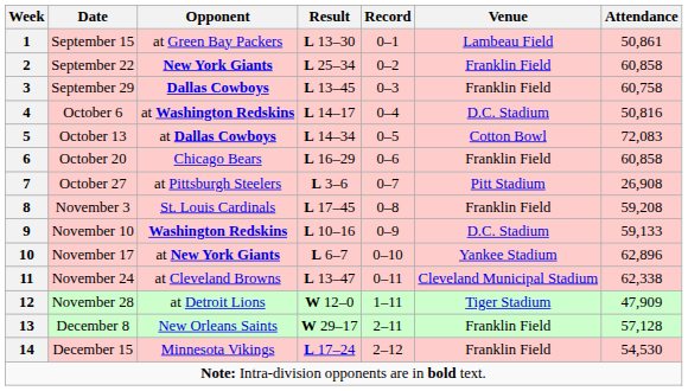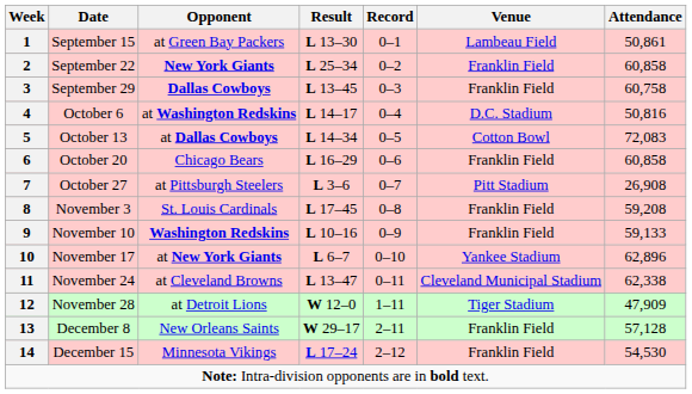 <table class="wikitable" style="text-align:center">
 <tr>
 <th>Week</th>
 <th>Date</th>
 <th>Opponent</th>
 <th>Result</th>
 <th>Record</th>
 <th>Venue</th>
 <th>Attendance</th>
 </tr>
 <tr style="background:#fcc">
 <th>1</th>
 <td>September 15</td>
 <td>at <a href='#'>Green Bay Packers</a></td>
 <td><strong>L</strong> 13–30</td>
 <td>0–1</td>
 <td><a href='#'>Lambeau Field</a></td>
 <td>50,861</td>
 </tr>
 <tr style="background:#fcc">
 <th>2</th>
 <td>September 22</td>
 <td><strong><a href='#'>New York Giants</a></strong></td>
 <td><strong>L</strong> 25–34</td>
 <td>0–2</td>
 <td><a href='#'>Franklin Field</a></td>
 <td>60,858</td>
 </tr>
 <tr style="background:#fcc">
 <th>3</th>
 <td>September 29</td>
 <td><strong><a href='#'>Dallas Cowboys</a></strong></td>
 <td><strong>L</strong> 13–45</td>
 <td>0–3</td>
 <td>Franklin Field</td>
 <td>60,758</td>
 </tr>
 <tr style="background:#fcc">
 <th>4</th>
 <td>October 6</td>
 <td>at <strong><a href='#'>Washington Redskins</a></strong></td>
 <td><strong>L</strong> 14–17</td>
 <td>0–4</td>
 <td><a href='#'>D.C. Stadium</a></td>
 <td>50,816</td>
 </tr>
 <tr style="background:#fcc">
 <th>5</th>
 <td>October 13</td>
 <td>at <strong><a href='#'>Dallas Cowboys</a></strong></td>
 <td><strong>L</strong> 14–34</td>
 <td>0–5</td>
 <td><a href='#'>Cotton Bowl</a></td>
 <td>72,083</td>
 </tr>
 <tr style="background:#fcc">
 <th>6</th>
 <td>October 20</td>
 <td><a href='#'>Chicago Bears</a></td>
 <td><strong>L</strong> 16–29</td>
 <td>0–6</td>
 <td>Franklin Field</td>
 <td>60,858</td>
 </tr>
 <tr style="background:#fcc">
 <th>7</th>
 <td>October 27</td>
 <td>at <a href='#'>Pittsburgh Steelers</a></td>
 <td><strong>L</strong> 3–6</td>
 <td>0–7</td>
 <td><a href='#'>Pitt Stadium</a></td>
 <td>26,908</td>
 </tr>
 <tr style="background:#fcc">
 <th>8</th>
 <td>November 3</td>
 <td><a href='#'>St. Louis Cardinals</a></td>
 <td><strong>L</strong> 17–45</td>
 <td>0–8</td>
 <td>Franklin Field</td>
 <td>59,208</td>
 </tr>
 <tr style="background:#fcc">
 <th>9</th>
 <td>November 10</td>
 <td><strong><a href='#'>Washington Redskins</a></strong></td>
 <td><strong>L</strong> 10–16</td>
 <td>0–9</td>
-<td><a href='#'>D.C. Stadium</a></td>
+<td>Franklin Field</td>
 <td>59,133</td>
 </tr>
 <tr style="background:#fcc">
 <th>10</th>
 <td>November 17</td>
 <td>at <strong><a href='#'>New York Giants</a></strong></td>
 <td><strong>L</strong> 6–7</td>
 <td>0–10</td>
 <td><a href='#'>Yankee Stadium</a></td>
 <td>62,896</td>
 </tr>
 <tr style="background:#fcc">
 <th>11</th>
 <td>November 24</td>
 <td>at <a href='#'>Cleveland Browns</a></td>
 <td><strong>L</strong> 13–47</td>
 <td>0–11</td>
 <td><a href='#'>Cleveland Municipal Stadium</a></td>
 <td>62,338</td>
 </tr>
 <tr style="background:#cfc">
 <th>12</th>
 <td>November 28</td>
 <td>at <a href='#'>Detroit Lions</a></td>
 <td><strong>W</strong> 12–0</td>
 <td>1–11</td>
 <td><a href='#'>Tiger Stadium</a></td>
 <td>47,909</td>
 </tr>
 <tr style="background:#cfc">
 <th>13</th>
 <td>December 8</td>
 <td><a href='#'>New Orleans Saints</a></td>
 <td><strong>W</strong> 29–17</td>
 <td>2–11</td>
 <td>Franklin Field</td>
 <td>57,128</td>
 </tr>
 <tr style="background:#fcc">
 <th>14</th>
 <td>December 15</td>
 <td><a href='#'>Minnesota Vikings</a></td>
 <td><a href='#'><strong>L</strong> 17–24</a></td>
 <td>2–12</td>
 <td>Franklin Field</td>
 <td>54,530</td>
 </tr>
 <tr>
 <td colspan="8"><strong>Note:</strong> Intra-division opponents are in <strong>bold</strong> text.</td>
 </tr>
 </table>
